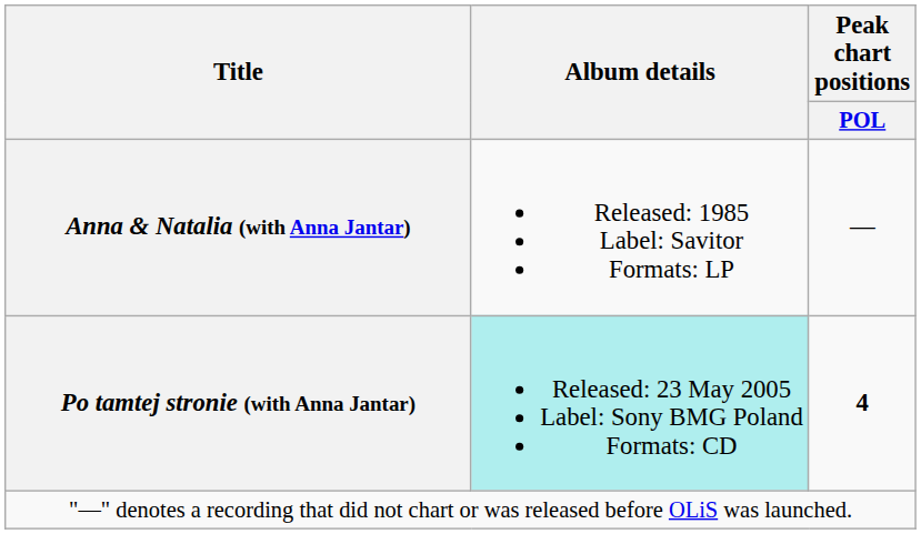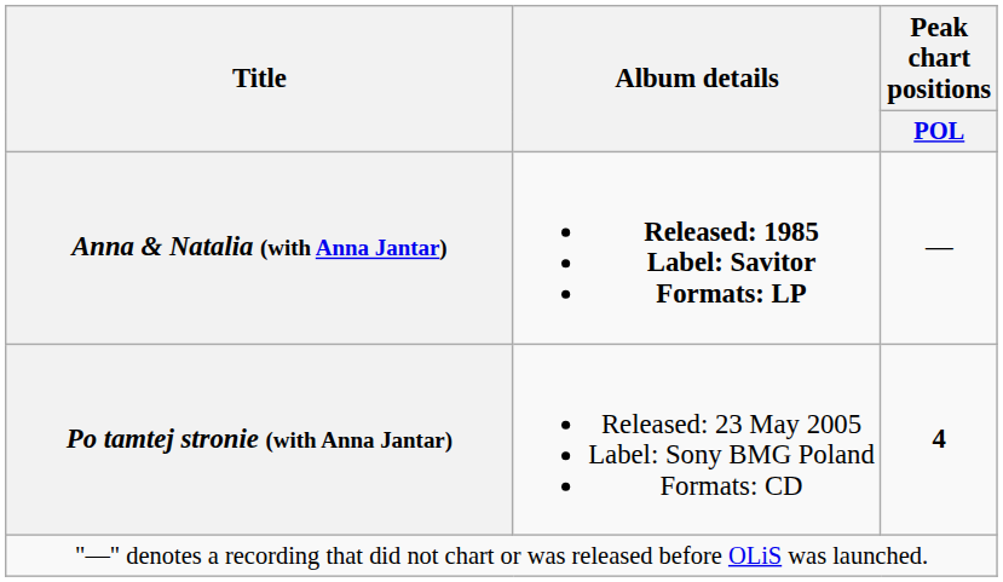 <table class="wikitable plainrowheaders" style="text-align:center;">
 <tr>
 <th scope="col" rowspan="2" style="width:18em;">Title</th>
 <th scope="col" rowspan="2">Album details</th>
 <th scope="col" colspan="1">Peak chart positions</th>
 </tr>
 <tr>
 <th scope="col" style="width:3em;font-size:90%;"><a href='#'>POL</a><br></th>
 </tr>
 <tr>
 <th scope="row"><em>Anna & Natalia</em> <small>(with <a href='#'>Anna Jantar</a>)</small></th>
-<td><br><ul><li>Released: 1985</li><li>Label: Savitor</li><li>Formats: LP</li></ul></td>
+<td><strong><br><ul><li>Released: 1985</li><li>Label: Savitor</li><li>Formats: LP</li></ul></strong></td>
 <td>—</td>
 </tr>
 <tr>
 <th scope="row"><em>Po tamtej stronie</em> <small>(with Anna Jantar)</small></th>
-<td style="background: paleturquoise;"><br><ul><li>Released: 23 May 2005</li><li>Label: Sony BMG Poland</li><li>Formats: CD</li></ul></td>
+<td><br><ul><li>Released: 23 May 2005</li><li>Label: Sony BMG Poland</li><li>Formats: CD</li></ul></td>
 <td><strong>4</strong></td>
 </tr>
 <tr>
 <td colspan="20" style="font-size:90%">"—" denotes a recording that did not chart or was released before <a href='#'>OLiS</a> was launched.</td>
 </tr>
 </table>
